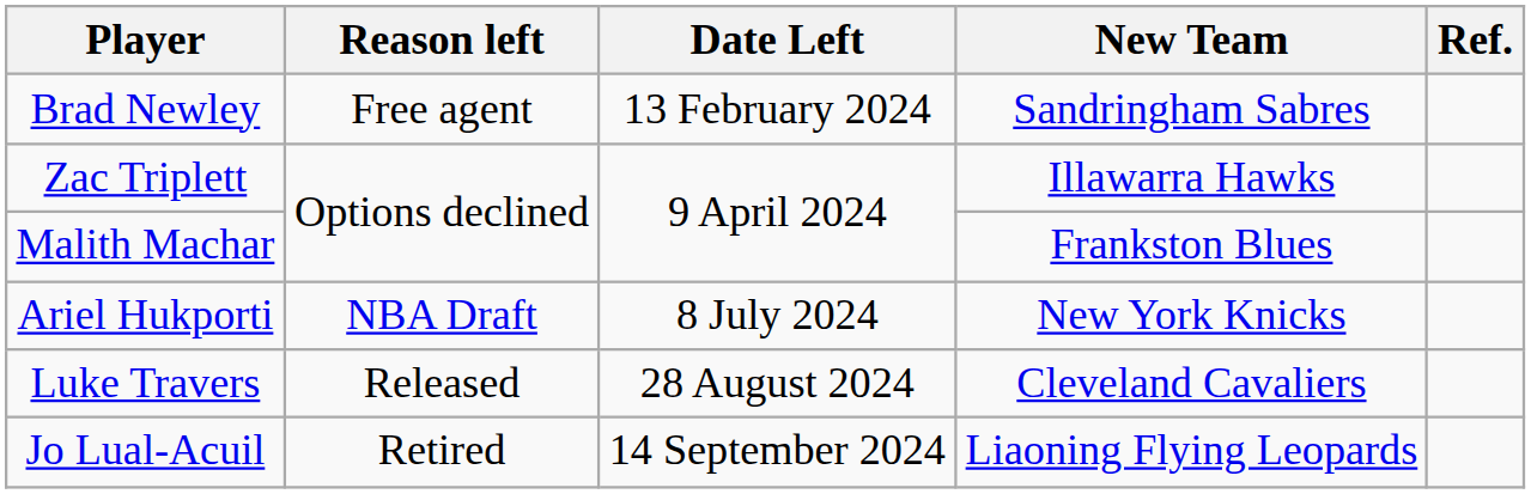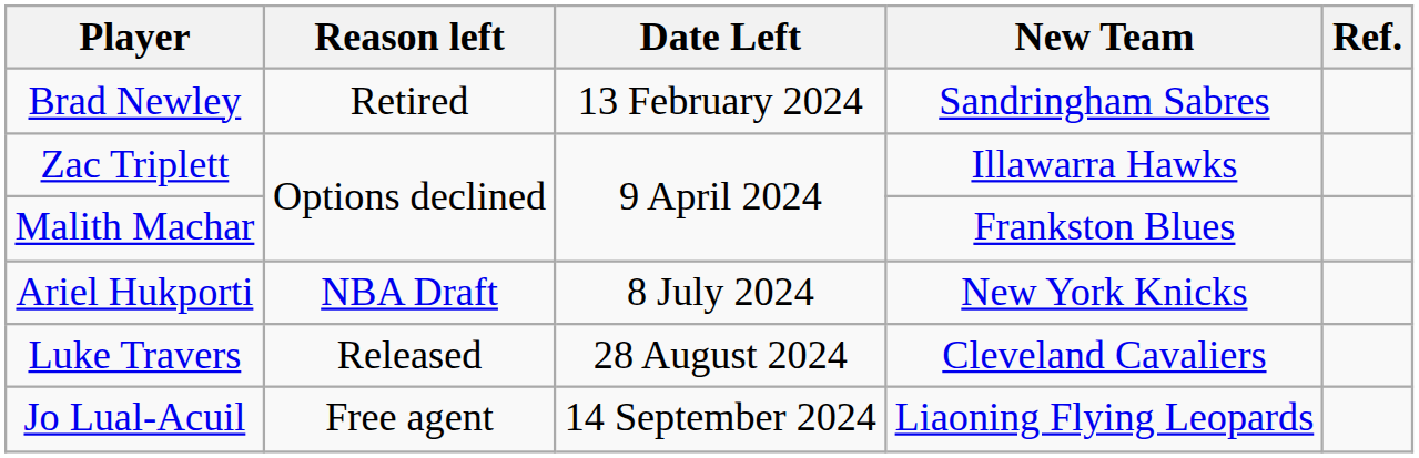 <table class="wikitable sortable sortable" style="text-align: center">
 <tr>
 <th>Player</th>
 <th>Reason left</th>
 <th>Date Left</th>
 <th>New Team</th>
 <th>Ref.</th>
 </tr>
 <tr>
 <td><a href='#'>Brad Newley</a></td>
-<td>Free agent</td>
+<td>Retired</td>
 <td>13 February 2024</td>
 <td><a href='#'>Sandringham Sabres</a></td>
 <td></td>
 </tr>
 <tr>
 <td><a href='#'>Zac Triplett</a></td>
 <td rowspan=2>Options declined</td>
 <td rowspan=2>9 April 2024</td>
 <td><a href='#'>Illawarra Hawks</a></td>
 <td></td>
 </tr>
 <tr>
 <td><a href='#'>Malith Machar</a></td>
 <td><a href='#'>Frankston Blues</a></td>
 <td></td>
 </tr>
 <tr>
 <td><a href='#'>Ariel Hukporti</a></td>
 <td><a href='#'>NBA Draft</a></td>
 <td>8 July 2024</td>
 <td><a href='#'>New York Knicks</a></td>
 <td></td>
 </tr>
 <tr>
 <td><a href='#'>Luke Travers</a></td>
 <td>Released</td>
 <td>28 August 2024</td>
 <td><a href='#'>Cleveland Cavaliers</a></td>
 <td></td>
 </tr>
 <tr>
 <td><a href='#'>Jo Lual-Acuil</a></td>
-<td>Retired</td>
+<td>Free agent</td>
 <td>14 September 2024</td>
 <td><a href='#'>Liaoning Flying Leopards</a></td>
 <td></td>
 </tr>
 </table>
